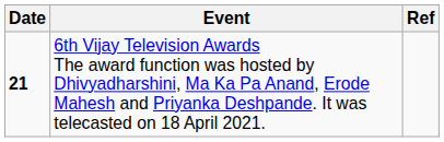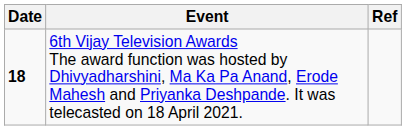 <table class="wikitable" width="65%">
 <tr>
 <th>Date</th>
 <th>Event</th>
 <th>Ref</th>
 </tr>
 <tr>
-<td><strong>21</strong></td>
+<td><strong>18</strong></td>
 <td><a href='#'>6th Vijay Television Awards</a> <br> The award function was hosted by <a href='#'>Dhivyadharshini</a>, <a href='#'>Ma Ka Pa Anand</a>, <a href='#'>Erode Mahesh</a> and <a href='#'>Priyanka Deshpande</a>. It was telecasted on 18 April 2021.</td>
 <td></td>
 </tr>
 </table>
